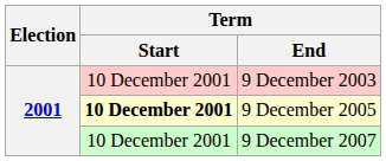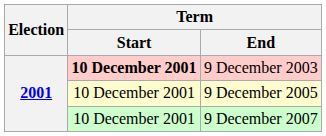 <table class="wikitable" style="text-align:center">
 <tr>
 <th rowspan="2">Election</th>
 <th colspan="2">Term</th>
 </tr>
 <tr>
 <th>Start</th>
 <th>End</th>
 </tr>
 <tr>
 <th rowspan="3"><a href='#'>2001</a></th>
-<td bgcolor="#fcc">10 December 2001</td>
+<td bgcolor="#fcc"><strong>10 December 2001</strong></td>
 <td bgcolor="#fcc">9 December 2003</td>
 </tr>
 <tr>
-<td bgcolor="#fcfccf"><strong>10 December 2001</strong></td>
+<td bgcolor="#fcfccf">10 December 2001</td>
 <td bgcolor="#fcfccf">9 December 2005</td>
 </tr>
 <tr>
 <td bgcolor="#cfc">10 December 2001</td>
 <td bgcolor="#cfc">9 December 2007</td>
 </tr>
 </table>
